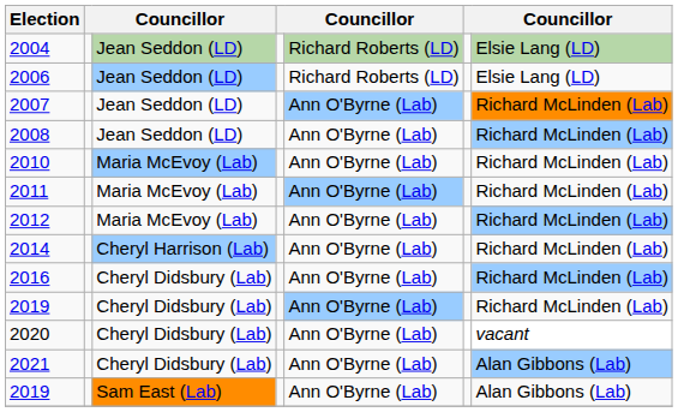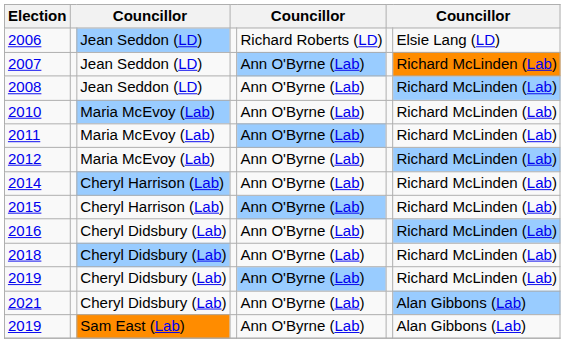 <table class="wikitable">
 <tr>
 <th>Election</th>
 <th colspan="2">Councillor</th>
 <th colspan="2">Councillor</th>
 <th colspan="2">Councillor</th>
-</tr>
-<tr>
-<td><a href='#'>2004</a></td>
-<td style="background-color: "></td>
-<td bgcolor="#B6D7A8">Jean Seddon (<a href='#'>LD</a>)</td>
-<td style="background-color: "></td>
-<td bgcolor="#B6D7A8">Richard Roberts (<a href='#'>LD</a>)</td>
-<td style="background-color: "></td>
-<td bgcolor="#B6D7A8">Elsie Lang (<a href='#'>LD</a>)</td>
 </tr>
 <tr>
 <td><a href='#'>2006</a></td>
 <td style="background-color: "></td>
 <td bgcolor="#99CCFF">Jean Seddon (<a href='#'>LD</a>)</td>
 <td style="background-color: "></td>
 <td>Richard Roberts (<a href='#'>LD</a>)</td>
 <td style="background-color: "></td>
 <td>Elsie Lang (<a href='#'>LD</a>)</td>
 </tr>
 <tr>
 <td><a href='#'>2007</a></td>
 <td style="background-color: "></td>
 <td>Jean Seddon (<a href='#'>LD</a>)</td>
 <td style="background-color: "></td>
 <td bgcolor="#99CCFF">Ann O'Byrne (<a href='#'>Lab</a>)</td>
 <td style="background-color: "></td>
 <td bgcolor="#FF8C00">Richard McLinden (<a href='#'>Lab</a>)</td>
 </tr>
 <tr>
 <td><a href='#'>2008</a></td>
 <td style="background-color: "></td>
 <td>Jean Seddon (<a href='#'>LD</a>)</td>
 <td style="background-color: "></td>
 <td>Ann O'Byrne (<a href='#'>Lab</a>)</td>
 <td style="background-color: "></td>
 <td bgcolor="#99CCFF">Richard McLinden (<a href='#'>Lab</a>)</td>
 </tr>
 <tr>
 <td><a href='#'>2010</a></td>
 <td style="background-color: "></td>
 <td bgcolor="#99CCFF">Maria McEvoy (<a href='#'>Lab</a>)</td>
 <td style="background-color: "></td>
 <td>Ann O'Byrne (<a href='#'>Lab</a>)</td>
 <td style="background-color: "></td>
 <td>Richard McLinden (<a href='#'>Lab</a>)</td>
 </tr>
 <tr>
 <td><a href='#'>2011</a></td>
 <td style="background-color: "></td>
 <td>Maria McEvoy (<a href='#'>Lab</a>)</td>
 <td style="background-color: "></td>
 <td bgcolor="#99CCFF">Ann O'Byrne (<a href='#'>Lab</a>)</td>
 <td style="background-color: "></td>
 <td>Richard McLinden (<a href='#'>Lab</a>)</td>
 </tr>
 <tr>
 <td><a href='#'>2012</a></td>
 <td style="background-color: "></td>
 <td>Maria McEvoy (<a href='#'>Lab</a>)</td>
 <td style="background-color: "></td>
 <td>Ann O'Byrne (<a href='#'>Lab</a>)</td>
 <td style="background-color: "></td>
 <td bgcolor="#99CCFF">Richard McLinden (<a href='#'>Lab</a>)</td>
 </tr>
 <tr>
 <td><a href='#'>2014</a></td>
 <td style="background-color: "></td>
 <td bgcolor="#99CCFF">Cheryl Harrison (<a href='#'>Lab</a>)</td>
 <td style="background-color: "></td>
 <td>Ann O'Byrne (<a href='#'>Lab</a>)</td>
 <td style="background-color: "></td>
 <td>Richard McLinden (<a href='#'>Lab</a>)</td>
 </tr>
 <tr>
+<td><a href='#'>2015</a></td>
+<td style="background-color: "></td>
+<td>Cheryl Harrison (<a href='#'>Lab</a>)</td>
+<td style="background-color: "></td>
+<td bgcolor="#99CCFF">Ann O'Byrne (<a href='#'>Lab</a>)</td>
+<td style="background-color: "></td>
+<td>Richard McLinden (<a href='#'>Lab</a>)</td>
+</tr>
+<tr>
 <td><a href='#'>2016</a></td>
 <td style="background-color: "></td>
 <td>Cheryl Didsbury (<a href='#'>Lab</a>)</td>
 <td style="background-color: "></td>
 <td>Ann O'Byrne (<a href='#'>Lab</a>)</td>
 <td style="background-color: "></td>
 <td bgcolor="#99CCFF">Richard McLinden (<a href='#'>Lab</a>)</td>
 </tr>
 <tr>
+<td><a href='#'>2018</a></td>
+<td style="background-color: "></td>
+<td bgcolor="#99CCFF">Cheryl Didsbury (<a href='#'>Lab</a>)</td>
+<td style="background-color: "></td>
+<td>Ann O'Byrne (<a href='#'>Lab</a>)</td>
+<td style="background-color: "></td>
+<td>Richard McLinden (<a href='#'>Lab</a>)</td>
+</tr>
+<tr>
 <td><a href='#'>2019</a></td>
 <td style="background-color: "></td>
 <td>Cheryl Didsbury (<a href='#'>Lab</a>)</td>
 <td style="background-color: "></td>
 <td bgcolor="#99CCFF">Ann O'Byrne (<a href='#'>Lab</a>)</td>
 <td style="background-color: "></td>
 <td>Richard McLinden (<a href='#'>Lab</a>)</td>
-</tr>
-<tr>
-<td>2020</td>
-<td style="background-color: "></td>
-<td>Cheryl Didsbury (<a href='#'>Lab</a>)</td>
-<td style="background-color: "></td>
-<td>Ann O'Byrne (<a href='#'>Lab</a>)</td>
-<td style="background-color: #fff"></td>
-<td bgcolor="#FFF"><em>vacant</em></td>
 </tr>
 <tr>
 <td><a href='#'>2021</a></td>
 <td style="background-color: "></td>
 <td>Cheryl Didsbury (<a href='#'>Lab</a>)</td>
 <td style="background-color: "></td>
 <td>Ann O'Byrne (<a href='#'>Lab</a>)</td>
 <td style="background-color: "></td>
 <td bgcolor="#99CCFF">Alan Gibbons (<a href='#'>Lab</a>)</td>
 </tr>
 <tr>
 <td><a href='#'>2019</a></td>
 <td style="background-color: "></td>
 <td bgcolor="#FF8C00">Sam East (<a href='#'>Lab</a>)</td>
 <td style="background-color: "></td>
 <td>Ann O'Byrne (<a href='#'>Lab</a>)</td>
 <td style="background-color: "></td>
 <td>Alan Gibbons (<a href='#'>Lab</a>)</td>
 </tr>
 <tr>
 </tr>
 </table>
